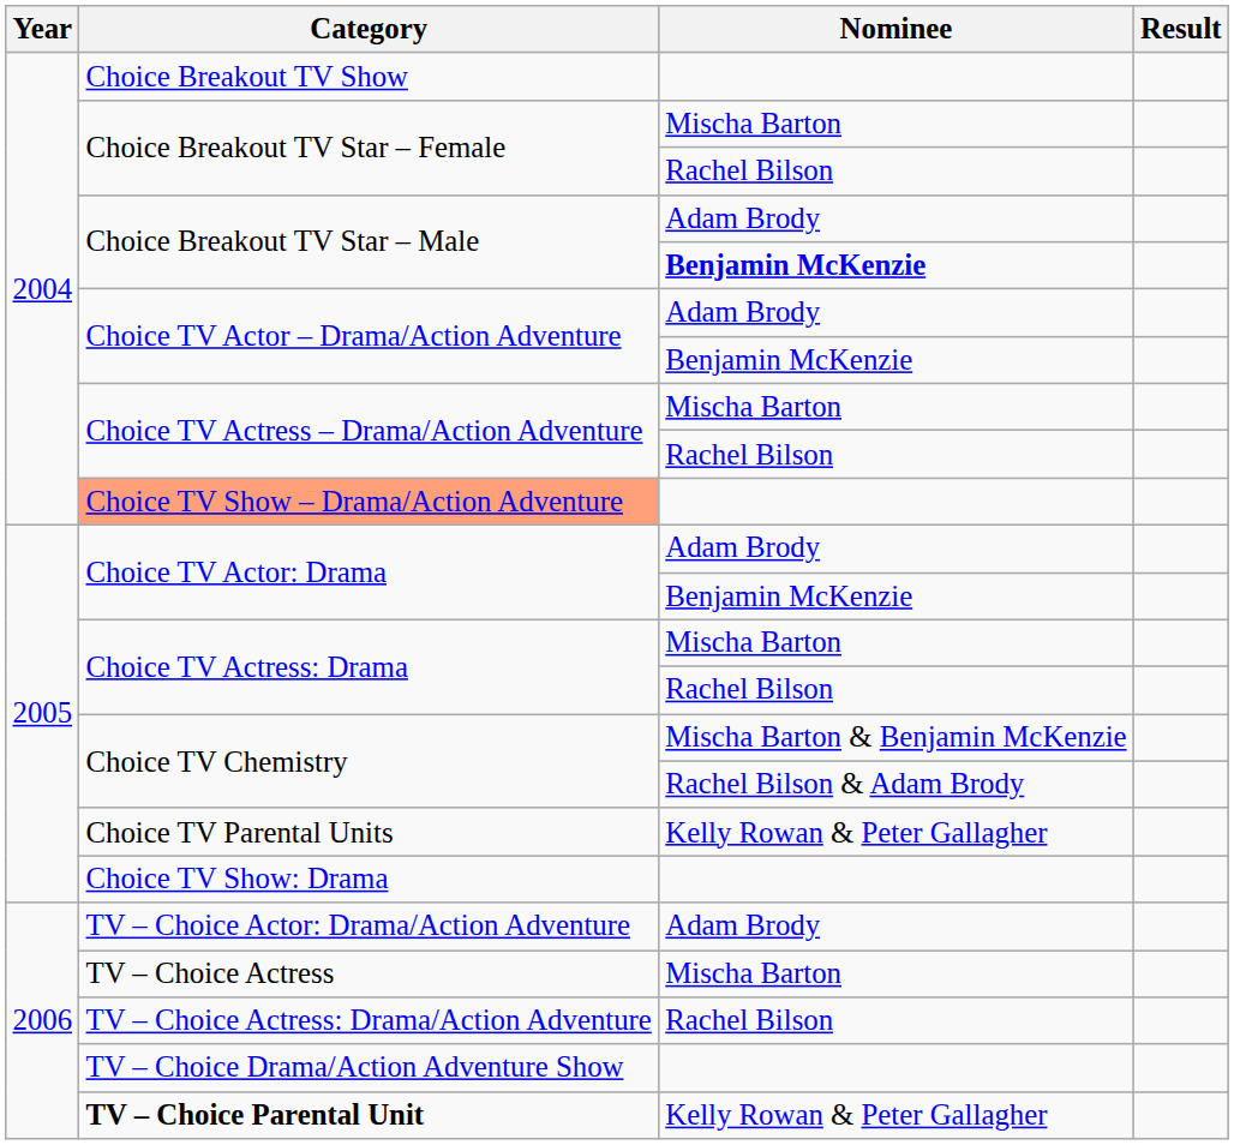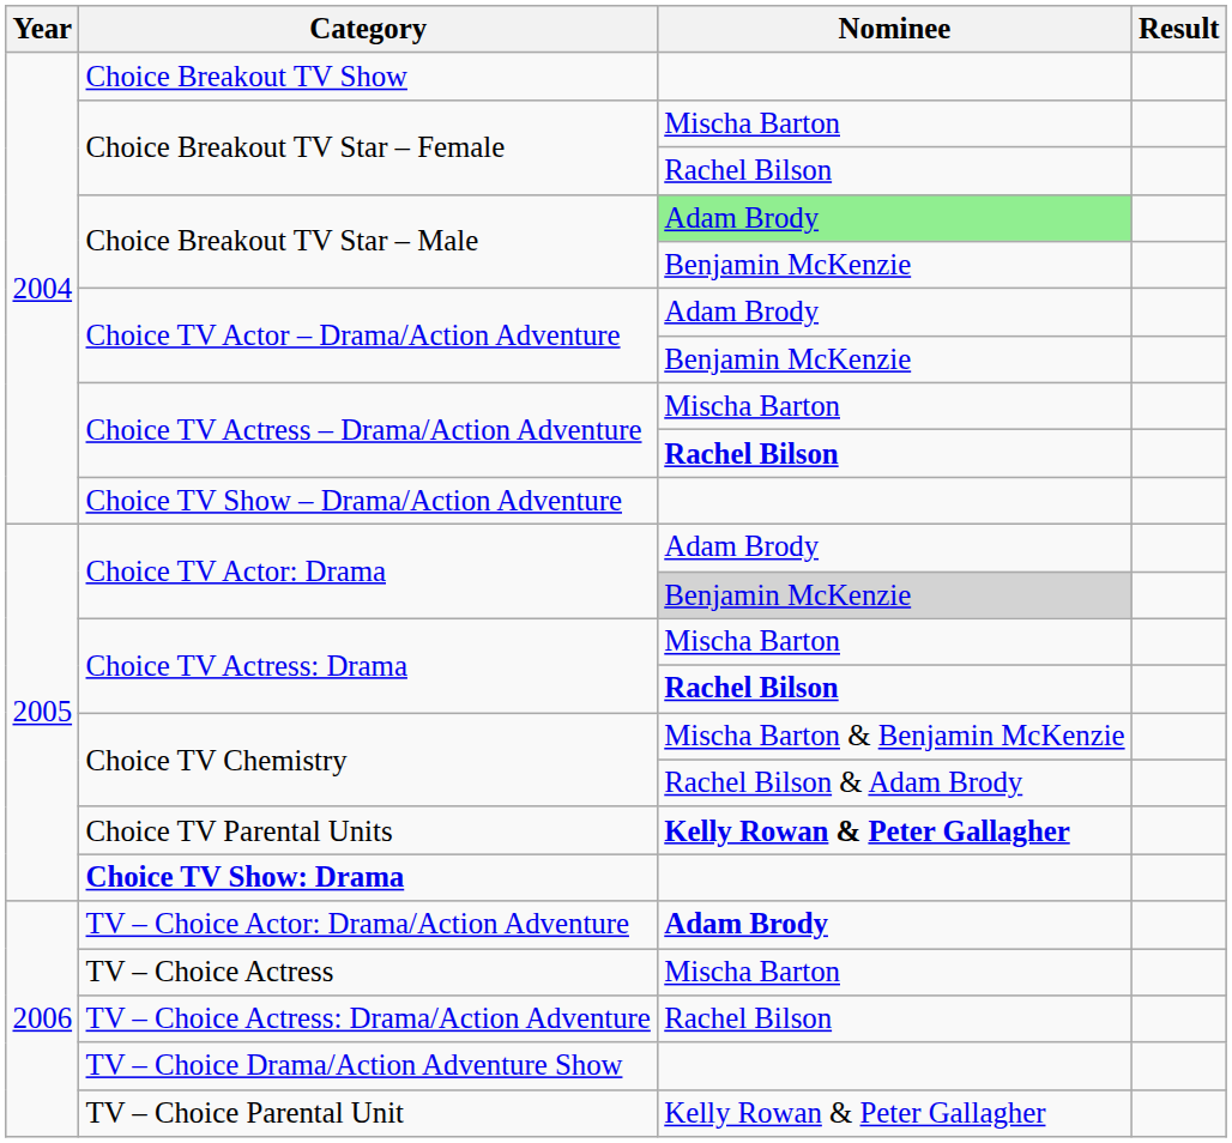 <table class="wikitable">
 <tr>
 <th>Year</th>
 <th>Category</th>
 <th>Nominee</th>
 <th>Result</th>
 </tr>
 <tr>
 <td rowspan=10><a href='#'>2004</a></td>
 <td><a href='#'>Choice Breakout TV Show</a></td>
 <td></td>
 <td></td>
 </tr>
 <tr>
 <td rowspan="2">Choice Breakout TV Star – Female</td>
 <td><a href='#'>Mischa Barton</a></td>
 <td></td>
 </tr>
 <tr>
 <td><a href='#'>Rachel Bilson</a></td>
 <td></td>
 </tr>
 <tr>
 <td rowspan="2">Choice Breakout TV Star – Male</td>
-<td><a href='#'>Adam Brody</a></td>
+<td style="background: lightgreen;"><a href='#'>Adam Brody</a></td>
 <td></td>
 </tr>
 <tr>
-<td><strong><a href='#'>Benjamin McKenzie</a></strong></td>
+<td><a href='#'>Benjamin McKenzie</a></td>
 <td></td>
 </tr>
 <tr>
 <td rowspan="2"><a href='#'>Choice TV Actor – Drama/Action Adventure</a></td>
 <td><a href='#'>Adam Brody</a></td>
 <td></td>
 </tr>
 <tr>
 <td><a href='#'>Benjamin McKenzie</a></td>
 <td></td>
 </tr>
 <tr>
 <td rowspan="2"><a href='#'>Choice TV Actress – Drama/Action Adventure</a></td>
 <td><a href='#'>Mischa Barton</a></td>
 <td></td>
 </tr>
 <tr>
-<td><a href='#'>Rachel Bilson</a></td>
+<td><strong><a href='#'>Rachel Bilson</a></strong></td>
 <td></td>
 </tr>
 <tr>
-<td style="background: lightsalmon;"><a href='#'>Choice TV Show – Drama/Action Adventure</a></td>
+<td><a href='#'>Choice TV Show – Drama/Action Adventure</a></td>
 <td></td>
 <td></td>
 </tr>
 <tr>
 <td rowspan=8><a href='#'>2005</a></td>
 <td rowspan="2"><a href='#'>Choice TV Actor: Drama</a></td>
 <td><a href='#'>Adam Brody</a></td>
 <td></td>
 </tr>
 <tr>
-<td><a href='#'>Benjamin McKenzie</a></td>
+<td style="background: lightgrey;"><a href='#'>Benjamin McKenzie</a></td>
 <td></td>
 </tr>
 <tr>
 <td rowspan="2"><a href='#'>Choice TV Actress: Drama</a></td>
 <td><a href='#'>Mischa Barton</a></td>
 <td></td>
 </tr>
 <tr>
-<td><a href='#'>Rachel Bilson</a></td>
+<td><strong><a href='#'>Rachel Bilson</a></strong></td>
 <td></td>
 </tr>
 <tr>
 <td rowspan="2">Choice TV Chemistry</td>
 <td><a href='#'>Mischa Barton</a> & <a href='#'>Benjamin McKenzie</a></td>
 <td></td>
 </tr>
 <tr>
 <td><a href='#'>Rachel Bilson</a> & <a href='#'>Adam Brody</a></td>
 <td></td>
 </tr>
 <tr>
 <td>Choice TV Parental Units</td>
-<td><a href='#'>Kelly Rowan</a> & <a href='#'>Peter Gallagher</a></td>
+<td><strong><a href='#'>Kelly Rowan</a> & <a href='#'>Peter Gallagher</a></strong></td>
 <td></td>
 </tr>
 <tr>
-<td><a href='#'>Choice TV Show: Drama</a></td>
+<td><strong><a href='#'>Choice TV Show: Drama</a></strong></td>
 <td></td>
 <td></td>
 </tr>
 <tr>
 <td rowspan=5><a href='#'>2006</a></td>
 <td><a href='#'>TV – Choice Actor: Drama/Action Adventure</a></td>
-<td><a href='#'>Adam Brody</a></td>
+<td><strong><a href='#'>Adam Brody</a></strong></td>
 <td></td>
 </tr>
 <tr>
 <td>TV – Choice Actress</td>
 <td><a href='#'>Mischa Barton</a></td>
 <td></td>
 </tr>
 <tr>
 <td><a href='#'>TV – Choice Actress: Drama/Action Adventure</a></td>
 <td><a href='#'>Rachel Bilson</a></td>
 <td></td>
 </tr>
 <tr>
 <td><a href='#'>TV – Choice Drama/Action Adventure Show</a></td>
 <td></td>
 <td></td>
 </tr>
 <tr>
-<td><strong>TV – Choice Parental Unit</strong></td>
+<td>TV – Choice Parental Unit</td>
 <td><a href='#'>Kelly Rowan</a> & <a href='#'>Peter Gallagher</a></td>
 <td></td>
 </tr>
 </table>
